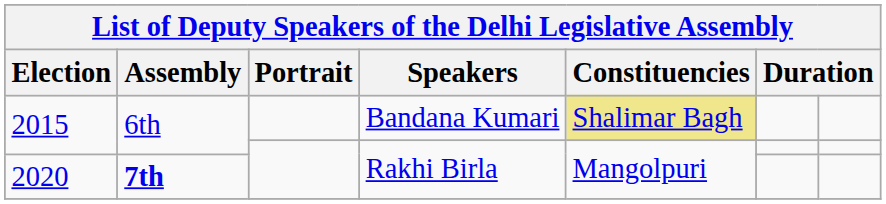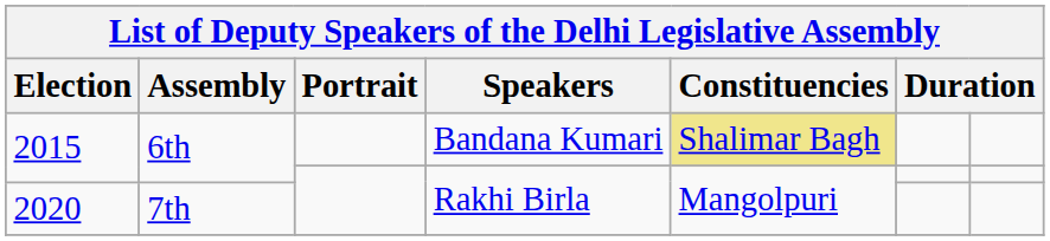 <table class="wikitable sortable">
 <tr>
 <th colspan="7"><a href='#'>List of Deputy Speakers of the Delhi Legislative Assembly</a></th>
 </tr>
 <tr>
 <th>Election</th>
 <th>Assembly</th>
 <th>Portrait</th>
 <th>Speakers</th>
 <th>Constituencies</th>
 <th colspan="2">Duration</th>
 </tr>
 <tr>
 <td rowspan="2"><a href='#'>2015</a></td>
 <td rowspan="2"><a href='#'>6th</a></td>
 <td></td>
 <td><a href='#'>Bandana Kumari</a></td>
 <td style="background: khaki;"><a href='#'>Shalimar Bagh</a></td>
 <td></td>
 <td></td>
 </tr>
 <tr>
 <td rowspan="2"></td>
 <td rowspan="2"><a href='#'>Rakhi Birla</a></td>
 <td rowspan="2"><a href='#'>Mangolpuri</a></td>
 <td></td>
 <td></td>
 </tr>
 <tr>
 <td><a href='#'>2020</a></td>
-<td><strong><a href='#'>7th</a></strong></td>
+<td><a href='#'>7th</a></td>
 <td></td>
 <td></td>
 </tr>
 </table>
